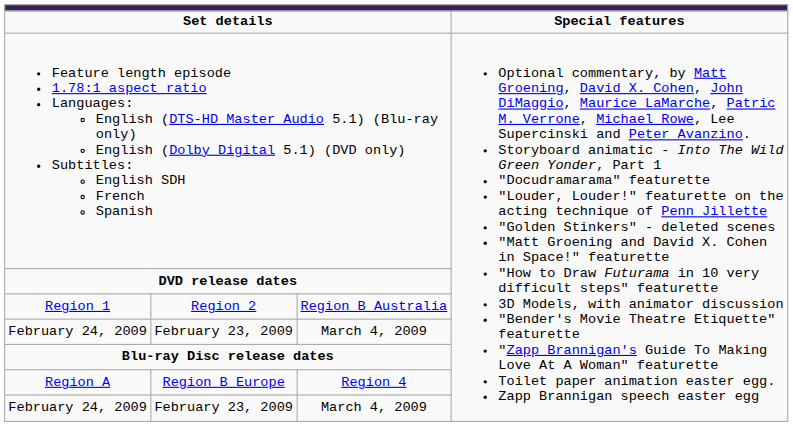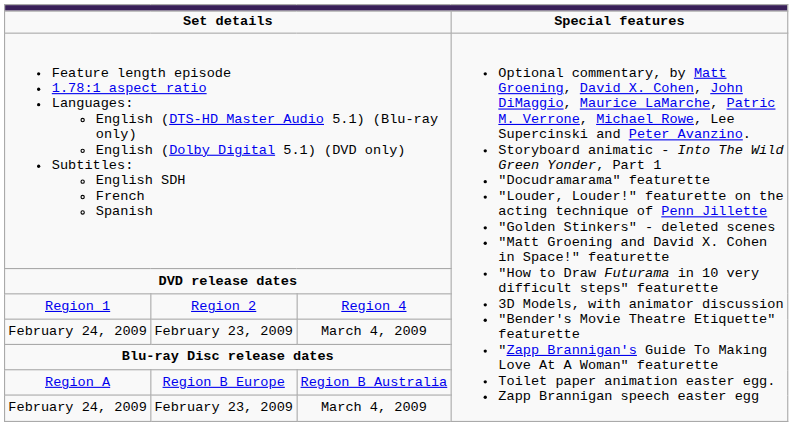 <table class="wikitable" style="font-size: 95%;">
 <tr>
 <td colspan="5" style="background-color: #392059;"><strong><em></em></strong></td>
 </tr>
 <tr valign="top">
 <td align="center" width="400" colspan="3"><strong>Set details</strong></td>
 <td width="300" align="center"><strong>Special features</strong></td>
 </tr>
 <tr valign="top">
 <td colspan="3" align="left" width="400"><br><ul><li>Feature length episode</li><li><a href='#'>1.78:1 aspect ratio</a></li><li>Languages:<ul><li>English (<a href='#'>DTS-HD Master Audio</a> 5.1) (Blu-ray only)</li><li>English (<a href='#'>Dolby Digital</a> 5.1) (DVD only)</li></ul></li><li>Subtitles:<ul><li>English SDH</li><li>French</li><li>Spanish</li></ul></li></ul></td>
 <td rowspan="7" align="left" width="300"><br><ul><li>Optional commentary, by <a href='#'>Matt Groening</a>, <a href='#'>David X. Cohen</a>, <a href='#'>John DiMaggio</a>, <a href='#'>Maurice LaMarche</a>, <a href='#'>Patric M. Verrone</a>, <a href='#'>Michael Rowe</a>, Lee Supercinski and <a href='#'>Peter Avanzino</a>.</li><li>Storyboard animatic - <em>Into The Wild Green Yonder</em>, Part 1</li><li>"Docudramarama" featurette</li><li>"Louder, Louder!" featurette on the acting technique of <a href='#'>Penn Jillette</a></li><li>"Golden Stinkers" - deleted scenes</li><li>"Matt Groening and David X. Cohen in Space!" featurette</li><li>"How to Draw <em>Futurama</em> in 10 very difficult steps" featurette</li><li>3D Models, with animator discussion</li><li>"Bender's Movie Theatre Etiquette" featurette</li><li>"<a href='#'>Zapp Brannigan's</a> Guide To Making Love At A Woman" featurette</li><li>Toilet paper animation easter egg.</li><li>Zapp Brannigan speech easter egg</li></ul></td>
 </tr>
 <tr>
 <td colspan="3" align="center"><strong>DVD release dates</strong></td>
 </tr>
 <tr>
 <td align="center"><a href='#'>Region 1</a></td>
 <td align="center"><a href='#'>Region 2</a></td>
-<td align="center"><a href='#'>Region B Australia</a></td>
+<td align="center"><a href='#'>Region 4</a></td>
 </tr>
 <tr>
 <td align="center">February 24, 2009</td>
 <td align="center">February 23, 2009</td>
 <td align="center">March 4, 2009</td>
 </tr>
 <tr>
 <td colspan="3" align="center"><strong>Blu-ray Disc release dates</strong></td>
 </tr>
 <tr>
 <td align="center"><a href='#'>Region A</a></td>
 <td align="center"><a href='#'>Region B Europe</a></td>
-<td align="center"><a href='#'>Region 4</a></td>
+<td align="center"><a href='#'>Region B Australia</a></td>
 </tr>
 <tr>
 <td align="center">February 24, 2009</td>
 <td align="center">February 23, 2009</td>
 <td align="center">March 4, 2009</td>
 </tr>
 </table>
